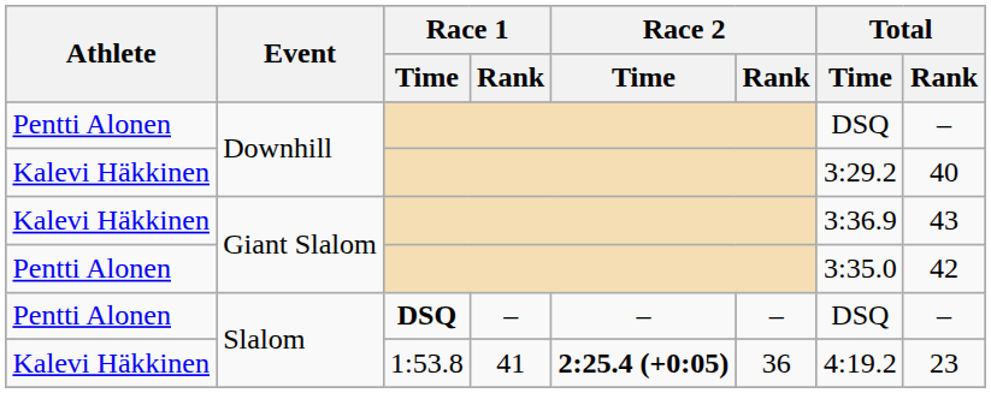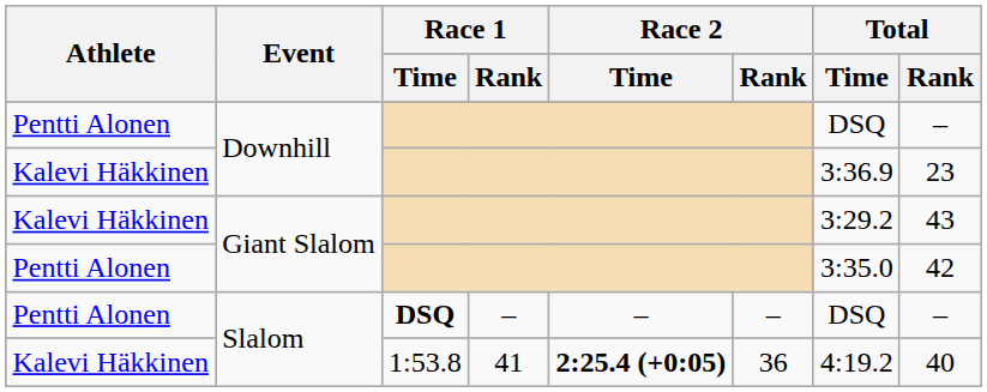 <table class="wikitable" style="font-size:90%">
 <tr>
 <th rowspan="2">Athlete</th>
 <th rowspan="2">Event</th>
 <th colspan="2">Race 1</th>
 <th colspan="2">Race 2</th>
 <th colspan="2">Total</th>
 </tr>
 <tr>
 <th>Time</th>
 <th>Rank</th>
 <th>Time</th>
 <th>Rank</th>
 <th>Time</th>
 <th>Rank</th>
 </tr>
 <tr>
 <td><a href='#'>Pentti Alonen</a></td>
 <td rowspan="2">Downhill</td>
 <td colspan="4" bgcolor="wheat"></td>
 <td align="center">DSQ</td>
 <td align="center">–</td>
 </tr>
 <tr>
 <td><a href='#'>Kalevi Häkkinen</a></td>
 <td colspan="4" bgcolor="wheat"></td>
-<td align="center">3:29.2</td>
-<td align="center">40</td>
+<td align="center">3:36.9</td>
+<td align="center">23</td>
 </tr>
 <tr>
 <td><a href='#'>Kalevi Häkkinen</a></td>
 <td rowspan="2">Giant Slalom</td>
 <td colspan="4" bgcolor="wheat"></td>
-<td align="center">3:36.9</td>
+<td align="center">3:29.2</td>
 <td align="center">43</td>
 </tr>
 <tr>
 <td><a href='#'>Pentti Alonen</a></td>
 <td colspan="4" bgcolor="wheat"></td>
 <td align="center">3:35.0</td>
 <td align="center">42</td>
 </tr>
 <tr>
 <td><a href='#'>Pentti Alonen</a></td>
 <td rowspan="2">Slalom</td>
 <td align="center"><strong>DSQ</strong></td>
 <td align="center">–</td>
 <td align="center">–</td>
 <td align="center">–</td>
 <td align="center">DSQ</td>
 <td align="center">–</td>
 </tr>
 <tr>
 <td><a href='#'>Kalevi Häkkinen</a></td>
 <td align="center">1:53.8</td>
 <td align="center">41</td>
 <td align="center"><strong>2:25.4 (+0:05)</strong></td>
 <td align="center">36</td>
 <td align="center">4:19.2</td>
-<td align="center">23</td>
+<td align="center">40</td>
 </tr>
 </table>
